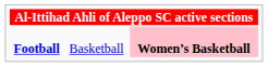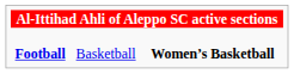 <table class="infobox" style="width: 20em; font-size: 95%em;">
 <tr style="color:white; background:red; text-align:center;">
 <th colspan="3">Al-Ittihad Ahli of Aleppo SC active sections</th>
 </tr>
 <tr style="text-align: center">
 <td><br><strong><a href='#'>Football</a></strong></td>
 <td><br><a href='#'>Basketball</a></td>
-<td style="background: pink;"><br><strong>Women’s Basketball</strong></td>
+<td><br><strong>Women’s Basketball</strong></td>
 </tr>
 </table>
